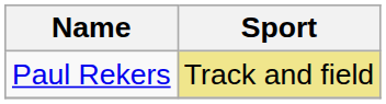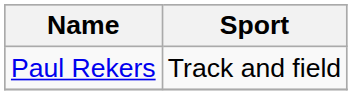 <table class="wikitable">
 <tr>
 <th>Name</th>
 <th>Sport</th>
 </tr>
 <tr>
 <td> <a href='#'>Paul Rekers</a></td>
-<td style="background: khaki;">Track and field</td>
+<td>Track and field</td>
 </tr>
 <tr>
 </tr>
 </table>
